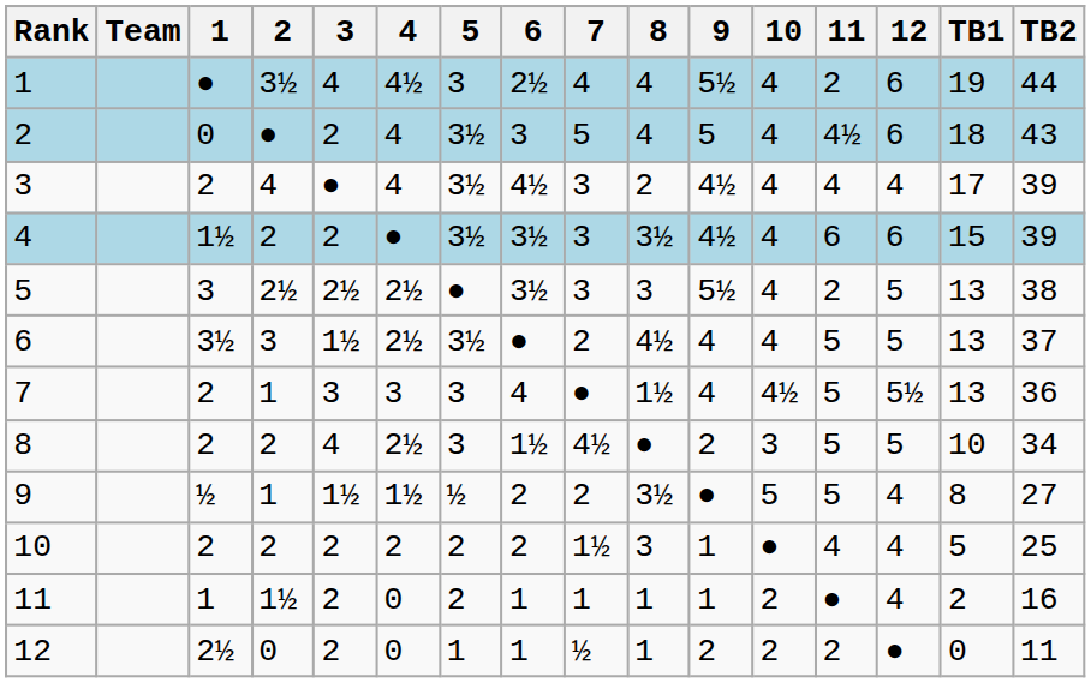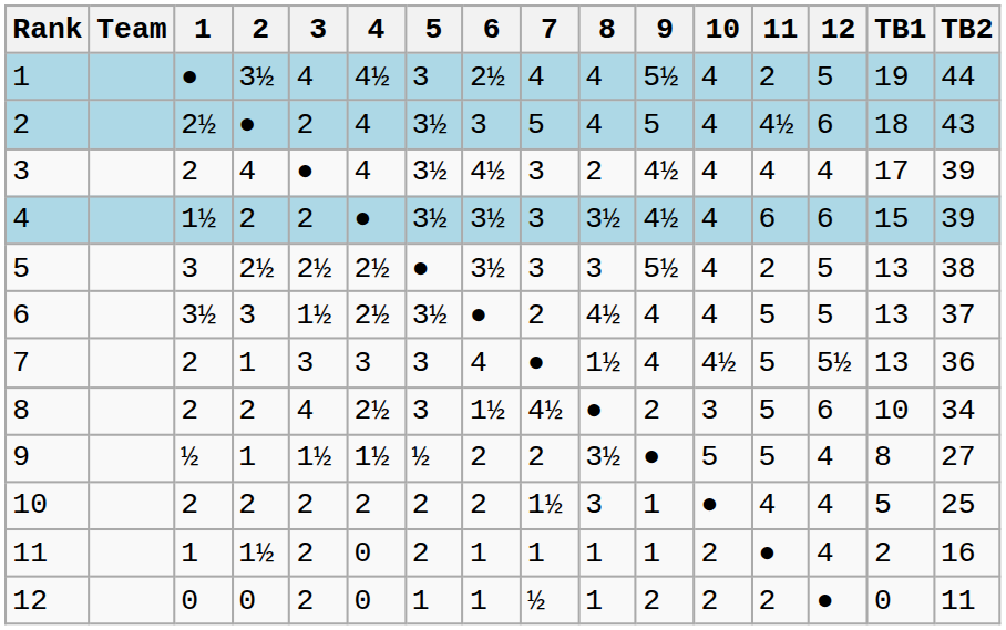 <table class="wikitable">
 <tr>
 <th>Rank</th>
 <th>Team</th>
 <th style="width:1.5em;">1</th>
 <th style="width:1.5em;">2</th>
 <th style="width:1.5em;">3</th>
 <th style="width:1.5em;">4</th>
 <th style="width:1.5em;">5</th>
 <th style="width:1.5em;">6</th>
 <th style="width:1.5em;">7</th>
 <th style="width:1.5em;">8</th>
 <th style="width:1.5em;">9</th>
 <th style="width:1.5em;">10</th>
 <th style="width:1.5em;">11</th>
 <th style="width:1.5em;">12</th>
 <th>TB1</th>
 <th>TB2</th>
 </tr>
 <tr style="background:lightblue">
 <td>1</td>
 <td></td>
 <td>●</td>
 <td>3½</td>
 <td>4</td>
 <td>4½</td>
 <td>3</td>
 <td>2½</td>
 <td>4</td>
 <td>4</td>
 <td>5½</td>
 <td>4</td>
 <td>2</td>
-<td>6</td>
+<td>5</td>
 <td>19</td>
 <td>44</td>
 </tr>
 <tr style="background:lightblue">
 <td>2</td>
 <td></td>
-<td>0</td>
+<td>2½</td>
 <td>●</td>
 <td>2</td>
 <td>4</td>
 <td>3½</td>
 <td>3</td>
 <td>5</td>
 <td>4</td>
 <td>5</td>
 <td>4</td>
 <td>4½</td>
 <td>6</td>
 <td>18</td>
 <td>43</td>
 </tr>
 <tr>
 <td>3</td>
 <td></td>
 <td>2</td>
 <td>4</td>
 <td>●</td>
 <td>4</td>
 <td>3½</td>
 <td>4½</td>
 <td>3</td>
 <td>2</td>
 <td>4½</td>
 <td>4</td>
 <td>4</td>
 <td>4</td>
 <td>17</td>
 <td>39</td>
 </tr>
 <tr style="background:lightblue">
 <td>4</td>
 <td></td>
 <td>1½</td>
 <td>2</td>
 <td>2</td>
 <td>●</td>
 <td>3½</td>
 <td>3½</td>
 <td>3</td>
 <td>3½</td>
 <td>4½</td>
 <td>4</td>
 <td>6</td>
 <td>6</td>
 <td>15</td>
 <td>39</td>
 </tr>
 <tr>
 <td>5</td>
 <td></td>
 <td>3</td>
 <td>2½</td>
 <td>2½</td>
 <td>2½</td>
 <td>●</td>
 <td>3½</td>
 <td>3</td>
 <td>3</td>
 <td>5½</td>
 <td>4</td>
 <td>2</td>
 <td>5</td>
 <td>13</td>
 <td>38</td>
 </tr>
 <tr>
 <td>6</td>
 <td></td>
 <td>3½</td>
 <td>3</td>
 <td>1½</td>
 <td>2½</td>
 <td>3½</td>
 <td>●</td>
 <td>2</td>
 <td>4½</td>
 <td>4</td>
 <td>4</td>
 <td>5</td>
 <td>5</td>
 <td>13</td>
 <td>37</td>
 </tr>
 <tr>
 <td>7</td>
 <td></td>
 <td>2</td>
 <td>1</td>
 <td>3</td>
 <td>3</td>
 <td>3</td>
 <td>4</td>
 <td>●</td>
 <td>1½</td>
 <td>4</td>
 <td>4½</td>
 <td>5</td>
 <td>5½</td>
 <td>13</td>
 <td>36</td>
 </tr>
 <tr>
 <td>8</td>
 <td></td>
 <td>2</td>
 <td>2</td>
 <td>4</td>
 <td>2½</td>
 <td>3</td>
 <td>1½</td>
 <td>4½</td>
 <td>●</td>
 <td>2</td>
 <td>3</td>
 <td>5</td>
-<td>5</td>
+<td>6</td>
 <td>10</td>
 <td>34</td>
 </tr>
 <tr>
 <td>9</td>
 <td></td>
 <td>½</td>
 <td>1</td>
 <td>1½</td>
 <td>1½</td>
 <td>½</td>
 <td>2</td>
 <td>2</td>
 <td>3½</td>
 <td>●</td>
 <td>5</td>
 <td>5</td>
 <td>4</td>
 <td>8</td>
 <td>27</td>
 </tr>
 <tr>
 <td>10</td>
 <td></td>
 <td>2</td>
 <td>2</td>
 <td>2</td>
 <td>2</td>
 <td>2</td>
 <td>2</td>
 <td>1½</td>
 <td>3</td>
 <td>1</td>
 <td>●</td>
 <td>4</td>
 <td>4</td>
 <td>5</td>
 <td>25</td>
 </tr>
 <tr>
 <td>11</td>
 <td></td>
 <td>1</td>
 <td>1½</td>
 <td>2</td>
 <td>0</td>
 <td>2</td>
 <td>1</td>
 <td>1</td>
 <td>1</td>
 <td>1</td>
 <td>2</td>
 <td>●</td>
 <td>4</td>
 <td>2</td>
 <td>16</td>
 </tr>
 <tr>
 <td>12</td>
 <td></td>
-<td>2½</td>
+<td>0</td>
 <td>0</td>
 <td>2</td>
 <td>0</td>
 <td>1</td>
 <td>1</td>
 <td>½</td>
 <td>1</td>
 <td>2</td>
 <td>2</td>
 <td>2</td>
 <td>●</td>
 <td>0</td>
 <td>11</td>
 </tr>
 </table>
